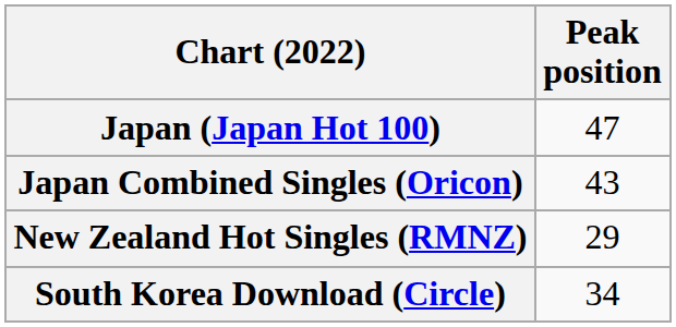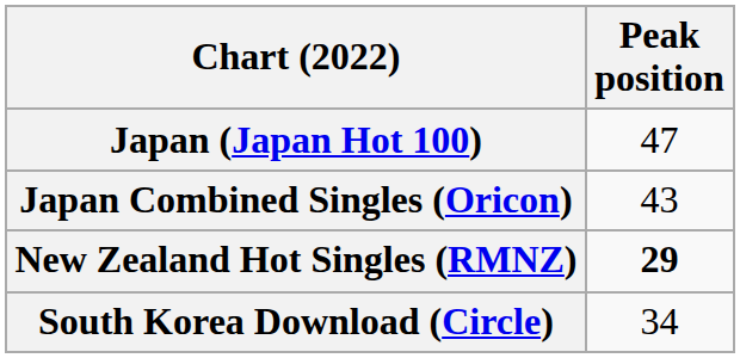 <table class="wikitable sortable plainrowheaders" style="text-align:center">
 <tr>
 <th scope="col">Chart (2022)</th>
 <th scope="col">Peak<br>position</th>
 </tr>
 <tr>
 <th scope="row">Japan (<a href='#'>Japan Hot 100</a>)</th>
 <td>47</td>
 </tr>
 <tr>
 <th scope="row">Japan Combined Singles (<a href='#'>Oricon</a>)</th>
 <td>43</td>
 </tr>
 <tr>
 <th scope="row">New Zealand Hot Singles (<a href='#'>RMNZ</a>)</th>
-<td>29</td>
+<td><strong>29</strong></td>
 </tr>
 <tr>
 <th scope="row">South Korea Download (<a href='#'>Circle</a>)<br></th>
 <td>34</td>
 </tr>
 </table>
